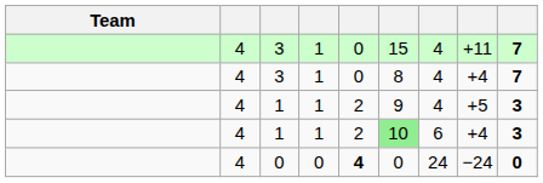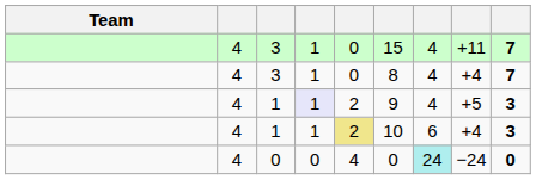 <table class="wikitable" style="text-align: center; font-size: 90%;">
 <tr>
 <th width="165">Team</th>
 <th width="25"></th>
 <th width="25"></th>
 <th width="25"></th>
 <th width="25"></th>
 <th width="25"></th>
 <th width="25"></th>
 <th width="25"></th>
 <th width="25"></th>
 </tr>
 <tr bgcolor=#ccffcc>
 <td align="left"></td>
 <td>4</td>
 <td>3</td>
 <td>1</td>
 <td>0</td>
 <td>15</td>
 <td>4</td>
 <td>+11</td>
 <td><strong>7</strong></td>
 </tr>
 <tr>
 <td align="left"></td>
 <td>4</td>
 <td>3</td>
 <td>1</td>
 <td>0</td>
 <td>8</td>
 <td>4</td>
 <td>+4</td>
 <td><strong>7</strong></td>
 </tr>
 <tr>
 <td align="left"></td>
 <td>4</td>
 <td>1</td>
-<td>1</td>
+<td style="background: lavender;">1</td>
 <td>2</td>
 <td>9</td>
 <td>4</td>
 <td>+5</td>
 <td><strong>3</strong></td>
 </tr>
 <tr>
 <td align="left"></td>
 <td>4</td>
 <td>1</td>
 <td>1</td>
-<td>2</td>
-<td style="background: lightgreen;">10</td>
+<td style="background: khaki;">2</td>
+<td>10</td>
 <td>6</td>
 <td>+4</td>
 <td><strong>3</strong></td>
 </tr>
 <tr>
 <td align="left"></td>
 <td>4</td>
 <td>0</td>
 <td>0</td>
-<td><strong>4</strong></td>
+<td>4</td>
 <td>0</td>
-<td>24</td>
+<td style="background: paleturquoise;">24</td>
 <td>−24</td>
 <td><strong>0</strong></td>
 </tr>
 </table>
